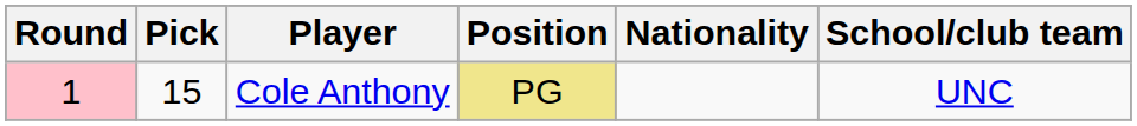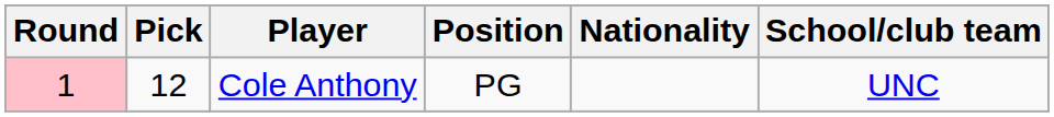 <table class="wikitable sortable sortable">
 <tr>
 <th>Round</th>
 <th>Pick</th>
 <th>Player</th>
 <th>Position</th>
 <th>Nationality</th>
 <th>School/club team</th>
 </tr>
 <tr style="text-align: center">
 <td style="background: pink;">1</td>
-<td>15</td>
+<td>12</td>
 <td><a href='#'>Cole Anthony</a></td>
-<td style="background: khaki;">PG</td>
+<td>PG</td>
 <td></td>
 <td><a href='#'>UNC</a></td>
 </tr>
 </table>
